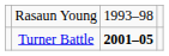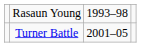 <table class= "wikitable" style=text-align:center>
 <tr>
 <td></td>
 <td>Rasaun Young</td>
 <td>1993–98</td>
 <td></td>
 </tr>
 <tr>
 <td></td>
 <td><a href='#'>Turner Battle</a></td>
-<td><strong>2001–05</strong></td>
+<td>2001–05</td>
 <td></td>
 </tr>
 </table>
